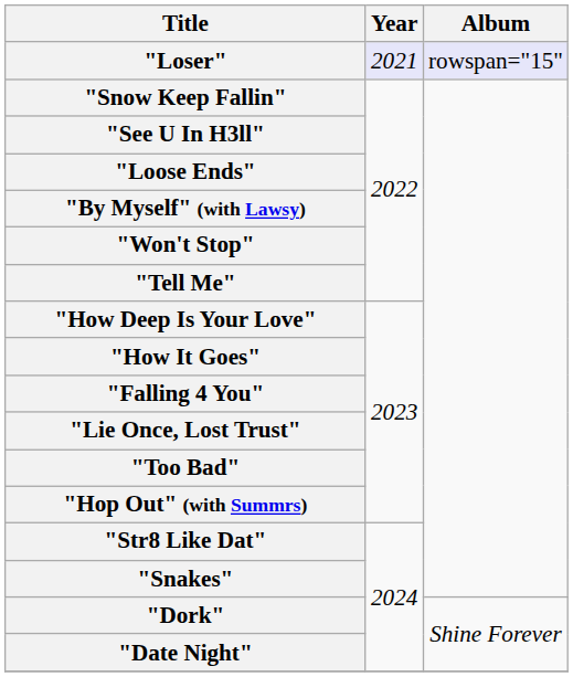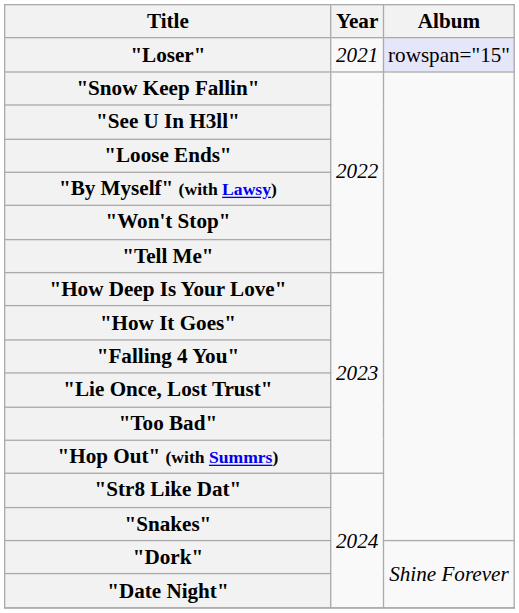 <table class="wikitable plainrowheaders" style="text-align:center;">
 <tr>
 <th scope="col" style="width:15em;">Title</th>
 <th scope="col">Year</th>
 <th scope="col">Album</th>
 </tr>
 <tr>
 <th scope="row">"Loser"</th>
-<td rowspan="1" style="background: lavender;"><em>2021</em></td>
+<td rowspan="1"><em>2021</em></td>
 <td style="background: lavender;">rowspan="15" </td>
 </tr>
 <tr>
 <th scope="row">"Snow Keep Fallin"</th>
 <td rowspan="6"><em>2022</em></td>
 </tr>
 <tr>
 <th scope="row">"See U In H3ll"</th>
 </tr>
 <tr>
 <th scope="row">"Loose Ends"</th>
 </tr>
 <tr>
 <th scope="row">"By Myself" <small>(with <a href='#'>Lawsy</a>)</small></th>
 </tr>
 <tr>
 <th scope="row">"Won't Stop"</th>
 </tr>
 <tr>
 <th scope="row">"Tell Me"</th>
 </tr>
 <tr>
 <th scope="row">"How Deep Is Your Love"</th>
 <td rowspan="6"><em>2023</em></td>
 </tr>
 <tr>
 <th scope="row">"How It Goes"</th>
 </tr>
 <tr>
 <th scope="row">"Falling 4 You"</th>
 </tr>
 <tr>
 <th scope="row">"Lie Once, Lost Trust"</th>
 </tr>
 <tr>
 <th scope="row">"Too Bad"</th>
 </tr>
 <tr>
 <th scope="row">"Hop Out" <small>(with <a href='#'>Summrs</a>)</small></th>
 </tr>
 <tr>
 <th scope="row">"Str8 Like Dat"</th>
 <td rowspan="4"><em>2024</em></td>
 </tr>
 <tr>
 <th scope="row">"Snakes"</th>
 </tr>
 <tr>
 <th scope="row">"Dork"</th>
 <td rowspan="2"><em>Shine Forever</em></td>
 </tr>
 <tr>
 <th scope="row">"Date Night"</th>
 </tr>
 <tr>
 </tr>
 </table>
